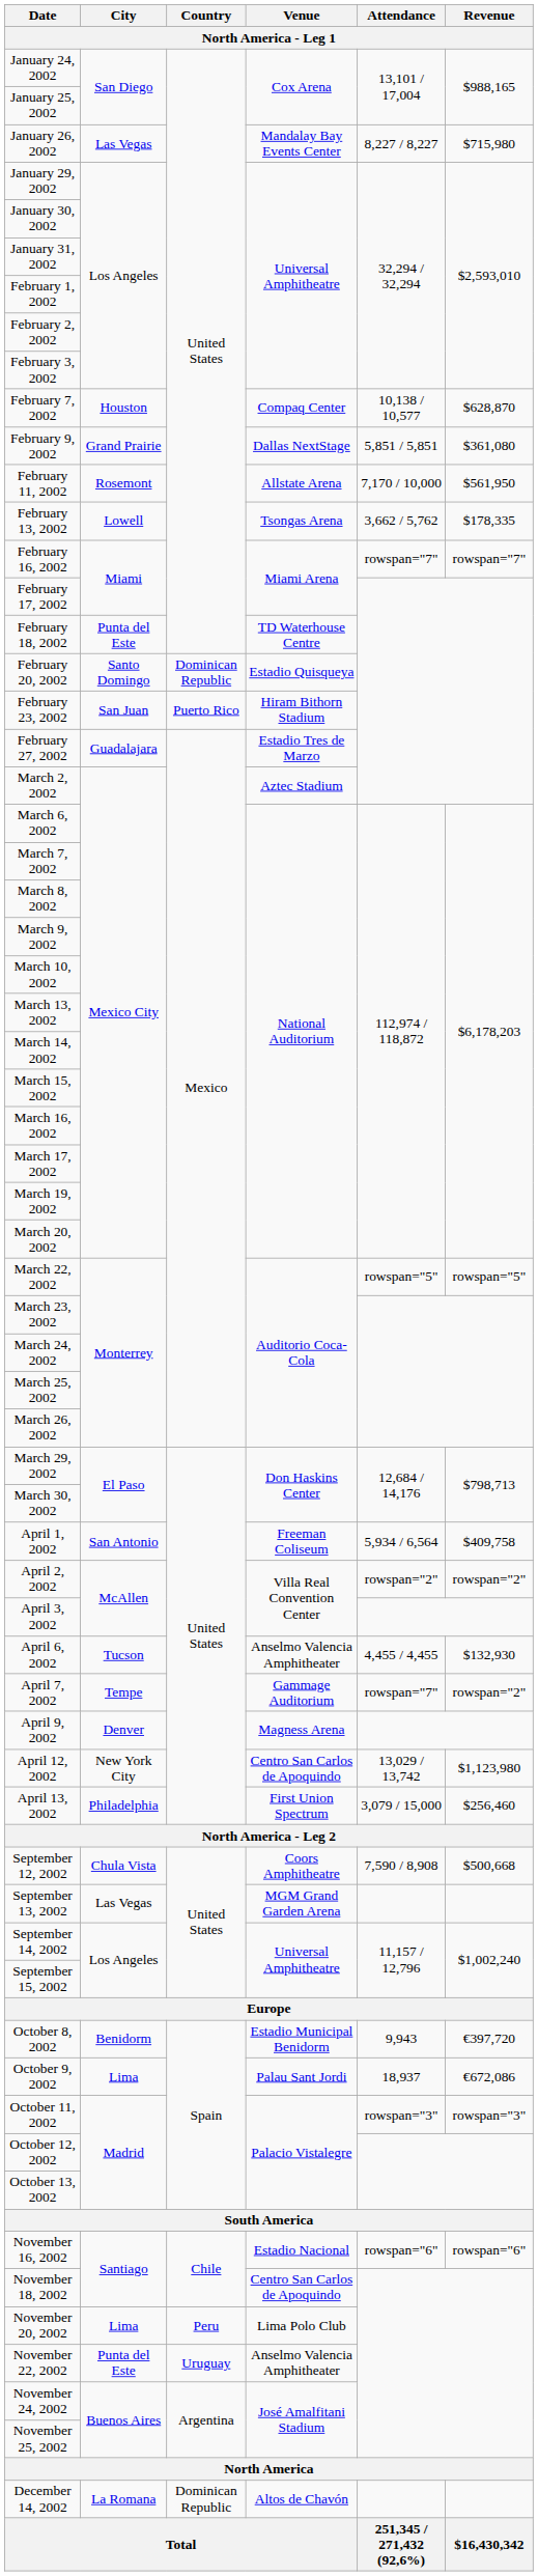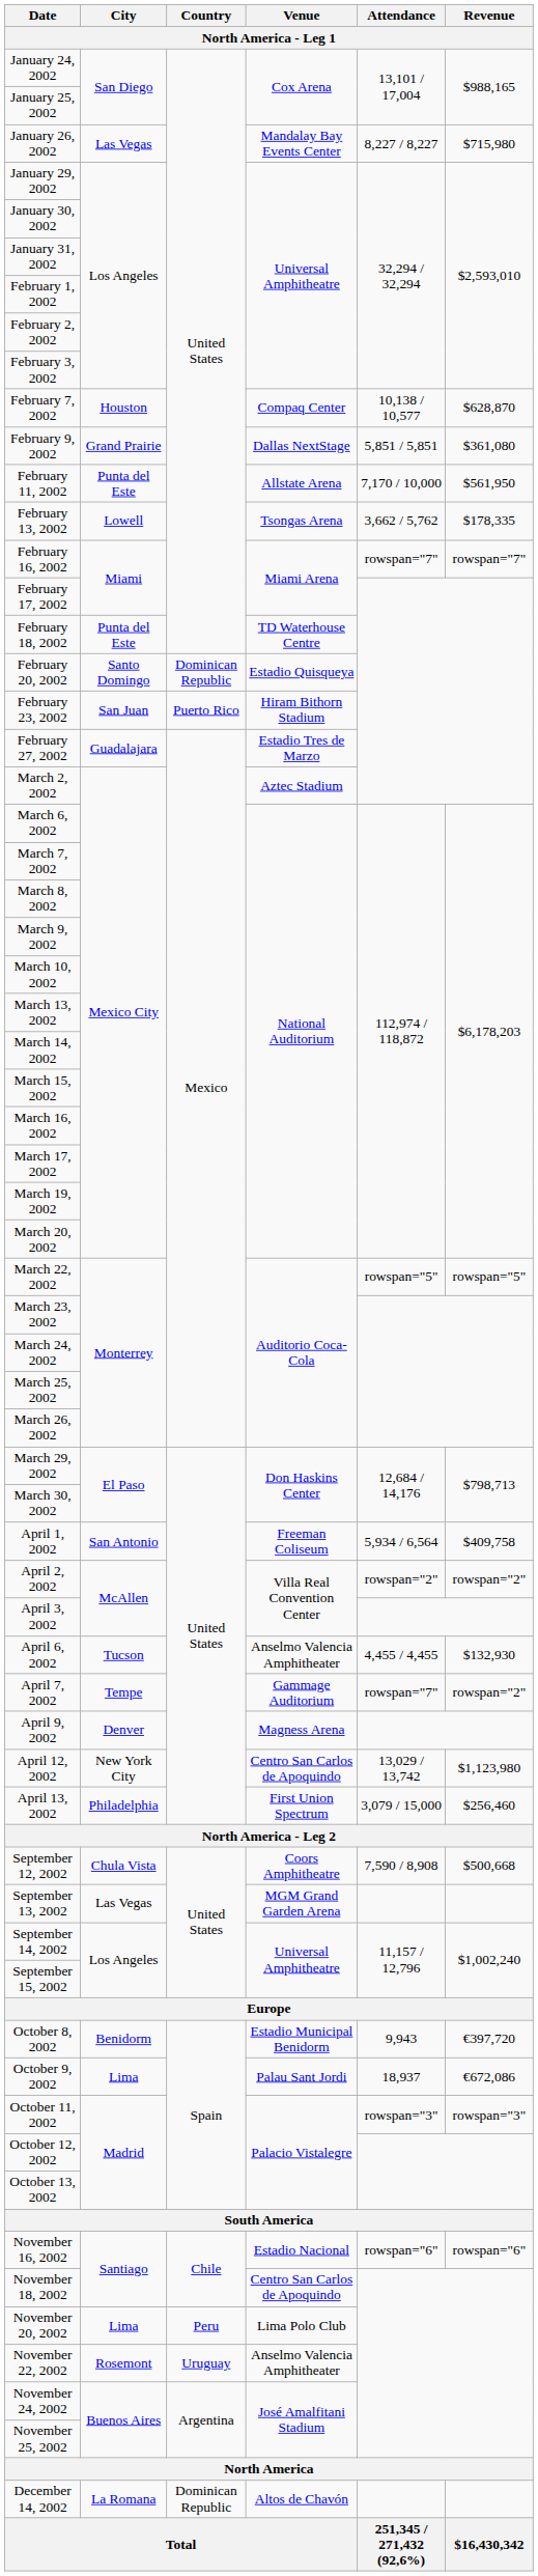 <table class="wikitable plainrowheaders" style="text-align:center;">
 <tr>
 <th width="150">Date</th>
 <th width="160">City</th>
 <th width="160">Country</th>
 <th width="320">Venue</th>
 <th width="150">Attendance</th>
 <th width="150">Revenue</th>
 </tr>
 <tr>
 <th colspan="7">North America - Leg 1</th>
 </tr>
 <tr>
 <td>January 24, 2002</td>
 <td rowspan="2"><a href='#'>San Diego</a></td>
 <td rowspan="16">United States</td>
 <td rowspan="2"><a href='#'>Cox Arena</a></td>
 <td rowspan="2">13,101 / 17,004</td>
 <td rowspan="2">$988,165</td>
 </tr>
 <tr>
 <td>January 25, 2002</td>
 </tr>
 <tr>
 <td>January 26, 2002</td>
 <td><a href='#'>Las Vegas</a></td>
 <td><a href='#'>Mandalay Bay Events Center</a></td>
 <td>8,227 / 8,227</td>
 <td>$715,980</td>
 </tr>
 <tr>
 <td>January 29, 2002</td>
 <td rowspan="6">Los Angeles</td>
 <td rowspan="6"><a href='#'>Universal Amphitheatre</a></td>
 <td rowspan="6">32,294 / 32,294</td>
 <td rowspan="6">$2,593,010</td>
 </tr>
 <tr>
 <td>January 30, 2002</td>
 </tr>
 <tr>
 <td>January 31, 2002</td>
 </tr>
 <tr>
 <td>February 1, 2002</td>
 </tr>
 <tr>
 <td>February 2, 2002</td>
 </tr>
 <tr>
 <td>February 3, 2002</td>
 </tr>
 <tr>
 <td>February 7, 2002</td>
 <td><a href='#'>Houston</a></td>
 <td><a href='#'>Compaq Center</a></td>
 <td>10,138 / 10,577</td>
 <td>$628,870</td>
 </tr>
 <tr>
 <td>February 9, 2002</td>
 <td><a href='#'>Grand Prairie</a></td>
 <td><a href='#'>Dallas NextStage</a></td>
 <td>5,851 / 5,851</td>
 <td>$361,080</td>
 </tr>
 <tr>
 <td>February 11, 2002</td>
-<td><a href='#'>Rosemont</a></td>
+<td><a href='#'>Punta del Este</a></td>
 <td><a href='#'>Allstate Arena</a></td>
 <td>7,170 / 10,000</td>
 <td>$561,950</td>
 </tr>
 <tr>
 <td>February 13, 2002</td>
 <td><a href='#'>Lowell</a></td>
 <td><a href='#'>Tsongas Arena</a></td>
 <td>3,662 / 5,762</td>
 <td>$178,335</td>
 </tr>
 <tr>
 <td>February 16, 2002</td>
 <td rowspan="2"><a href='#'>Miami</a></td>
 <td rowspan="2"><a href='#'>Miami Arena</a></td>
 <td>rowspan="7" </td>
 <td>rowspan="7" </td>
 </tr>
 <tr>
 <td>February 17, 2002</td>
 </tr>
 <tr>
 <td>February 18, 2002</td>
 <td><a href='#'>Punta del Este</a></td>
 <td><a href='#'>TD Waterhouse Centre</a></td>
 </tr>
 <tr>
 <td>February 20, 2002</td>
 <td><a href='#'>Santo Domingo</a></td>
 <td><a href='#'>Dominican Republic</a></td>
 <td><a href='#'>Estadio Quisqueya</a></td>
 </tr>
 <tr>
 <td>February 23, 2002</td>
 <td><a href='#'>San Juan</a></td>
 <td><a href='#'>Puerto Rico</a></td>
 <td><a href='#'>Hiram Bithorn Stadium</a></td>
 </tr>
 <tr>
 <td>February 27, 2002</td>
 <td><a href='#'>Guadalajara</a></td>
 <td rowspan="19">Mexico</td>
 <td><a href='#'>Estadio Tres de Marzo</a></td>
 </tr>
 <tr>
 <td>March 2, 2002</td>
 <td rowspan="13"><a href='#'>Mexico City</a></td>
 <td><a href='#'>Aztec Stadium</a></td>
 </tr>
 <tr>
 <td>March 6, 2002</td>
 <td rowspan="12"><a href='#'>National Auditorium</a></td>
 <td rowspan="12">112,974 / 118,872</td>
 <td rowspan="12">$6,178,203</td>
 </tr>
 <tr>
 <td>March 7, 2002</td>
 </tr>
 <tr>
 <td>March 8, 2002</td>
 </tr>
 <tr>
 <td>March 9, 2002</td>
 </tr>
 <tr>
 <td>March 10, 2002</td>
 </tr>
 <tr>
 <td>March 13, 2002</td>
 </tr>
 <tr>
 <td>March 14, 2002</td>
 </tr>
 <tr>
 <td>March 15, 2002</td>
 </tr>
 <tr>
 <td>March 16, 2002</td>
 </tr>
 <tr>
 <td>March 17, 2002</td>
 </tr>
 <tr>
 <td>March 19, 2002</td>
 </tr>
 <tr>
 <td>March 20, 2002</td>
 </tr>
 <tr>
 <td>March 22, 2002</td>
 <td rowspan="5"><a href='#'>Monterrey</a></td>
 <td rowspan="5"><a href='#'>Auditorio Coca-Cola</a></td>
 <td>rowspan="5" </td>
 <td>rowspan="5" </td>
 </tr>
 <tr>
 <td>March 23, 2002</td>
 </tr>
 <tr>
 <td>March 24, 2002</td>
 </tr>
 <tr>
 <td>March 25, 2002</td>
 </tr>
 <tr>
 <td>March 26, 2002</td>
 </tr>
 <tr>
 <td>March 29, 2002</td>
 <td rowspan="2"><a href='#'>El Paso</a></td>
 <td rowspan="10">United States</td>
 <td rowspan="2"><a href='#'>Don Haskins Center</a></td>
 <td rowspan="2">12,684 / 14,176</td>
 <td rowspan="2">$798,713</td>
 </tr>
 <tr>
 <td>March 30, 2002</td>
 </tr>
 <tr>
 <td>April 1, 2002</td>
 <td><a href='#'>San Antonio</a></td>
 <td><a href='#'>Freeman Coliseum</a></td>
 <td>5,934 / 6,564</td>
 <td>$409,758</td>
 </tr>
 <tr>
 <td>April 2, 2002</td>
 <td rowspan="2"><a href='#'>McAllen</a></td>
 <td rowspan="2">Villa Real Convention Center</td>
 <td>rowspan="2" </td>
 <td>rowspan="2" </td>
 </tr>
 <tr>
 <td>April 3, 2002</td>
 </tr>
 <tr>
 <td>April 6, 2002</td>
 <td><a href='#'>Tucson</a></td>
 <td>Anselmo Valencia Amphitheater</td>
 <td>4,455 / 4,455</td>
 <td>$132,930</td>
 </tr>
 <tr>
 <td>April 7, 2002</td>
 <td><a href='#'>Tempe</a></td>
 <td><a href='#'>Gammage Auditorium</a></td>
 <td>rowspan="7" </td>
 <td>rowspan="2" </td>
 </tr>
 <tr>
 <td>April 9, 2002</td>
 <td><a href='#'>Denver</a></td>
 <td><a href='#'>Magness Arena</a></td>
 </tr>
 <tr>
 <td>April 12, 2002</td>
 <td>New York City</td>
 <td><a href='#'>Centro San Carlos de Apoquindo</a></td>
 <td>13,029 / 13,742</td>
 <td>$1,123,980</td>
 </tr>
 <tr>
 <td>April 13, 2002</td>
 <td><a href='#'>Philadelphia</a></td>
 <td><a href='#'>First Union Spectrum</a></td>
 <td>3,079 / 15,000</td>
 <td>$256,460</td>
 </tr>
 <tr>
 <th colspan="7">North America - Leg 2</th>
 </tr>
 <tr>
 <td>September 12, 2002</td>
 <td><a href='#'>Chula Vista</a></td>
 <td rowspan="4">United States</td>
 <td><a href='#'>Coors Amphitheatre</a></td>
 <td>7,590 / 8,908</td>
 <td>$500,668</td>
 </tr>
 <tr>
 <td>September 13, 2002</td>
 <td>Las Vegas</td>
 <td><a href='#'>MGM Grand Garden Arena</a></td>
 <td></td>
 <td></td>
 </tr>
 <tr>
 <td>September 14, 2002</td>
 <td rowspan="2">Los Angeles</td>
 <td rowspan="2"><a href='#'>Universal Amphitheatre</a></td>
 <td rowspan="2">11,157 / 12,796</td>
 <td rowspan="2">$1,002,240</td>
 </tr>
 <tr>
 <td>September 15, 2002</td>
 </tr>
 <tr>
 <th colspan="7">Europe</th>
 </tr>
 <tr>
 <td>October 8, 2002</td>
 <td><a href='#'>Benidorm</a></td>
 <td rowspan="5">Spain</td>
 <td><a href='#'>Estadio Municipal Benidorm</a></td>
 <td>9,943</td>
 <td>€397,720</td>
 </tr>
 <tr>
 <td>October 9, 2002</td>
 <td><a href='#'>Lima</a></td>
 <td><a href='#'>Palau Sant Jordi</a></td>
 <td>18,937</td>
 <td>€672,086</td>
 </tr>
 <tr>
 <td>October 11, 2002</td>
 <td rowspan="3"><a href='#'>Madrid</a></td>
 <td rowspan="3"><a href='#'>Palacio Vistalegre</a></td>
 <td>rowspan="3" </td>
 <td>rowspan="3" </td>
 </tr>
 <tr>
 <td>October 12, 2002</td>
 </tr>
 <tr>
 <td>October 13, 2002</td>
 </tr>
 <tr>
 <th colspan="7">South America</th>
 </tr>
 <tr>
 <td>November 16, 2002</td>
 <td rowspan="2"><a href='#'>Santiago</a></td>
 <td rowspan="2"><a href='#'>Chile</a></td>
 <td><a href='#'>Estadio Nacional</a></td>
 <td>rowspan="6" </td>
 <td>rowspan="6" </td>
 </tr>
 <tr>
 <td>November 18, 2002</td>
 <td><a href='#'>Centro San Carlos de Apoquindo</a></td>
 </tr>
 <tr>
 <td>November 20, 2002</td>
 <td><a href='#'>Lima</a></td>
 <td><a href='#'>Peru</a></td>
 <td>Lima Polo Club</td>
 </tr>
 <tr>
 <td>November 22, 2002</td>
-<td><a href='#'>Punta del Este</a></td>
+<td><a href='#'>Rosemont</a></td>
 <td><a href='#'>Uruguay</a></td>
 <td>Anselmo Valencia Amphitheater</td>
 </tr>
 <tr>
 <td>November 24, 2002</td>
 <td rowspan="2"><a href='#'>Buenos Aires</a></td>
 <td rowspan="2">Argentina</td>
 <td rowspan="2"><a href='#'>José Amalfitani Stadium</a></td>
 </tr>
 <tr>
 <td>November 25, 2002</td>
 </tr>
 <tr>
 <th colspan="7">North America</th>
 </tr>
 <tr>
 <td>December 14, 2002</td>
 <td><a href='#'>La Romana</a></td>
 <td>Dominican Republic</td>
 <td><a href='#'>Altos de Chavón</a></td>
 <td></td>
 <td></td>
 </tr>
 <tr>
 <th colspan="4">Total</th>
 <th>251,345 / 271,432 (92,6%)</th>
 <th>$16,430,342</th>
 </tr>
 </table>
